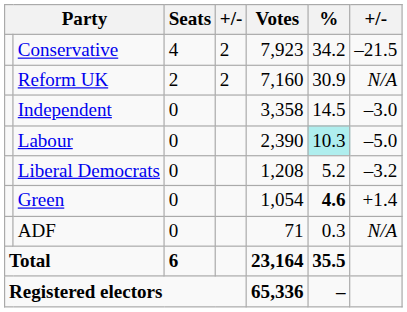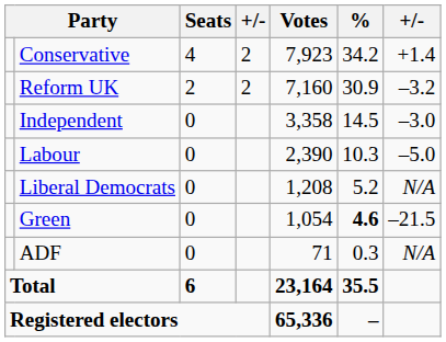 <table class="wikitable sortable">
 <tr>
 <th colspan="2">Party</th>
 <th>Seats</th>
 <th>+/-</th>
 <th>Votes</th>
 <th>%</th>
 <th>+/-</th>
 </tr>
 <tr>
 <td style="background-color: "></td>
 <td><a href='#'>Conservative</a></td>
 <td>4</td>
 <td> 2</td>
 <td style="text-align:right;">7,923</td>
 <td style="text-align:right;">34.2</td>
-<td style="text-align:right;">–21.5</td>
+<td style="text-align:right;">+1.4</td>
 </tr>
 <tr>
 <td style="background-color: "></td>
 <td><a href='#'>Reform UK</a></td>
 <td>2</td>
 <td> 2</td>
 <td style="text-align:right;">7,160</td>
 <td style="text-align:right;">30.9</td>
-<td style="text-align:right;"><em>N/A</em></td>
+<td style="text-align:right;">–3.2</td>
 </tr>
 <tr>
 <td style="background-color: "></td>
 <td><a href='#'>Independent</a></td>
 <td>0</td>
 <td></td>
 <td style="text-align:right;">3,358</td>
 <td style="text-align:right;">14.5</td>
 <td style="text-align:right;">–3.0</td>
 </tr>
 <tr>
 <td style="background-color: "></td>
 <td><a href='#'>Labour</a></td>
 <td>0</td>
 <td></td>
 <td style="text-align:right;">2,390</td>
-<td style="background: paleturquoise; text-align:right;">10.3</td>
+<td style="text-align:right;">10.3</td>
 <td style="text-align:right;">–5.0</td>
 </tr>
 <tr>
 <td style="background-color: "></td>
 <td><a href='#'>Liberal Democrats</a></td>
 <td>0</td>
 <td></td>
 <td style="text-align:right;">1,208</td>
 <td style="text-align:right;">5.2</td>
-<td style="text-align:right;">–3.2</td>
+<td style="text-align:right;"><em>N/A</em></td>
 </tr>
 <tr>
 <td style="background-color: "></td>
 <td><a href='#'>Green</a></td>
 <td>0</td>
 <td></td>
 <td style="text-align:right;">1,054</td>
 <td style="text-align:right;"><strong>4.6</strong></td>
-<td style="text-align:right;">+1.4</td>
+<td style="text-align:right;">–21.5</td>
 </tr>
 <tr>
 <td style="background-color: "></td>
 <td>ADF</td>
 <td>0</td>
 <td></td>
 <td style="text-align:right;">71</td>
 <td style="text-align:right;">0.3</td>
 <td style="text-align:right;"><em>N/A</em></td>
 </tr>
 <tr>
 <td colspan="2"><strong>Total</strong></td>
 <td><strong>6</strong></td>
 <td></td>
 <td style="text-align:right;"><strong>23,164</strong></td>
 <td style="text-align:right;"><strong>35.5</strong></td>
 <td style="text-align:right;"></td>
 </tr>
 <tr>
 <td colspan="4"><strong>Registered electors</strong></td>
 <td style="text-align:right;"><strong>65,336</strong></td>
 <td style="text-align:right;"><strong>–</strong></td>
 <td style="text-align:right;"></td>
 </tr>
 </table>
